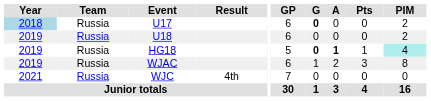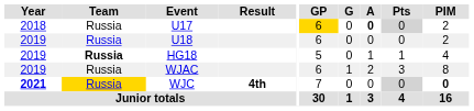 <table border="0" cellpadding="1" cellspacing="0" ID="Table3" style="text-align:center; width:40em;">
 <tr bgcolor="#e0e0e0">
 <th>Year</th>
 <th>Team</th>
 <th>Event</th>
 <th>Result</th>
 <th rowspan="100" bgcolor="#ffffff"></th>
 <th>GP</th>
 <th>G</th>
 <th>A</th>
 <th>Pts</th>
 <th>PIM</th>
 </tr>
 <tr>
-<td style="background: lightblue;"><a href='#'>2018</a></td>
+<td><a href='#'>2018</a></td>
 <td>Russia</td>
 <td><a href='#'>U17</a></td>
 <td></td>
-<td>6</td>
+<td style="background: gold;">6</td>
+<td>0</td>
 <td><strong>0</strong></td>
-<td>0</td>
-<td>0</td>
+<td style="background: lightgrey;">0</td>
 <td>2</td>
 </tr>
 <tr bgcolor="#f0f0f0">
 <td><a href='#'>2019</a></td>
 <td><a href='#'>Russia</a></td>
 <td><a href='#'>U18</a></td>
 <td></td>
 <td>6</td>
 <td>0</td>
 <td>0</td>
 <td>0</td>
 <td>2</td>
 </tr>
 <tr>
 <td><a href='#'>2019</a></td>
-<td>Russia</td>
+<td><strong>Russia</strong></td>
 <td><a href='#'>HG18</a></td>
 <td></td>
 <td>5</td>
-<td><strong>0</strong></td>
-<td><strong>1</strong></td>
+<td>0</td>
 <td>1</td>
-<td style="background: paleturquoise;">4</td>
+<td>1</td>
+<td>4</td>
 </tr>
 <tr bgcolor="#f0f0f0">
 <td><a href='#'>2019</a></td>
 <td>Russia</td>
 <td><a href='#'>WJAC</a></td>
 <td></td>
 <td>6</td>
 <td>1</td>
 <td>2</td>
 <td>3</td>
 <td>8</td>
 </tr>
 <tr>
-<td><a href='#'>2021</a></td>
-<td><a href='#'>Russia</a></td>
+<td><strong><a href='#'>2021</a></strong></td>
+<td style="background: gold;"><a href='#'>Russia</a></td>
 <td><a href='#'>WJC</a></td>
-<td>4th</td>
+<td><strong>4th</strong></td>
 <td>7</td>
 <td>0</td>
 <td>0</td>
-<td>0</td>
-<td>0</td>
+<td style="background: lightgrey;">0</td>
+<td><strong>0</strong></td>
 </tr>
 <tr bgcolor="#e0e0e0">
 <th colspan="4">Junior totals</th>
 <th>30</th>
 <th>1</th>
 <th>3</th>
 <th>4</th>
 <th>16</th>
 </tr>
 </table>
